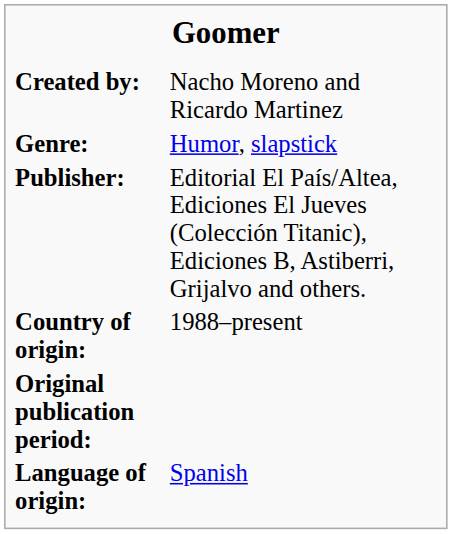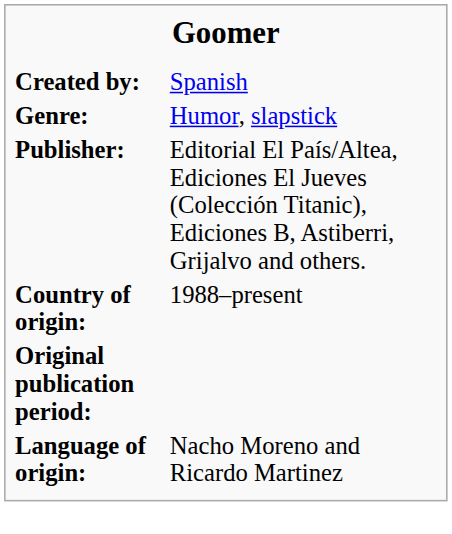 <table class="infobox" style="width: 18em; font-size: 3; text-align: left;">
 <tr>
 <td colspan="2" style="text-align: center; font-size: 125%; font-weight: bold"><span><strong>Goomer</strong><br></span></td>
 </tr>
 <tr>
 <td colspan="2" style="text-align: center;"></td>
 </tr>
 <tr>
 <td colspan="2" style="text-align: center;"></td>
 </tr>
 <tr>
 <td><strong>Created by:</strong></td>
-<td>Nacho Moreno and Ricardo Martinez</td>
+<td><a href='#'>Spanish</a></td>
 </tr>
 <tr>
 <td><strong>Genre:</strong></td>
 <td><a href='#'>Humor</a>, <a href='#'>slapstick</a></td>
 </tr>
 <tr>
 <td><strong>Publisher:</strong></td>
 <td>Editorial El País/Altea, Ediciones El Jueves (Colección Titanic), Ediciones B, Astiberri, Grijalvo and others.</td>
 </tr>
 <tr>
 <td><strong>Country of origin:</strong></td>
 <td>1988–present</td>
 </tr>
 <tr>
 <td><strong>Original publication period:</strong></td>
 <td></td>
 </tr>
 <tr>
 <td><strong>Language of origin:</strong></td>
-<td><a href='#'>Spanish</a></td>
+<td>Nacho Moreno and Ricardo Martinez</td>
 </tr>
 <tr>
 </tr>
 </table>
